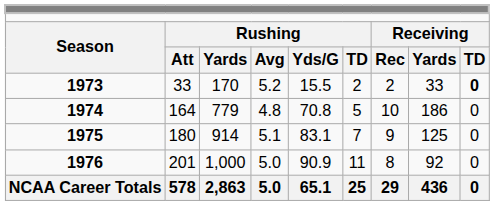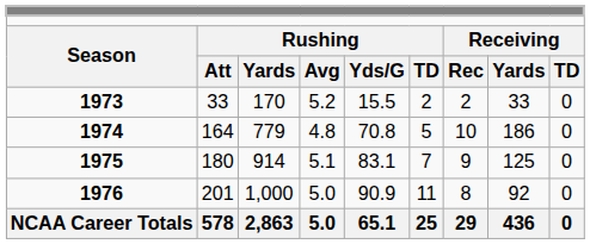 <table class=wikitable style="text-align:center;">
 <tr>
 <td ! colspan="10" style="background:gray; border:2px solid silver; color:white;"></td>
 </tr>
 <tr>
 <td ! colspan="10"></td>
 </tr>
 <tr>
 <th rowspan=2>Season</th>
 <th colspan=5>Rushing</th>
 <th colspan=3>Receiving</th>
 </tr>
 <tr>
 <th>Att</th>
 <th>Yards</th>
 <th>Avg</th>
 <th>Yds/G</th>
 <th>TD</th>
 <th>Rec</th>
 <th>Yards</th>
 <th>TD</th>
 </tr>
 <tr>
 <td><strong>1973</strong></td>
 <td>33</td>
 <td>170</td>
 <td>5.2</td>
 <td>15.5</td>
 <td>2</td>
 <td>2</td>
 <td>33</td>
-<td><strong>0</strong></td>
+<td>0</td>
 </tr>
 <tr>
 <td><strong>1974</strong></td>
 <td>164</td>
 <td>779</td>
 <td>4.8</td>
 <td>70.8</td>
 <td>5</td>
 <td>10</td>
 <td>186</td>
 <td>0</td>
 </tr>
 <tr>
 <td><strong>1975</strong></td>
 <td>180</td>
 <td>914</td>
 <td>5.1</td>
 <td>83.1</td>
 <td>7</td>
 <td>9</td>
 <td>125</td>
 <td>0</td>
 </tr>
 <tr>
 <td><strong>1976</strong></td>
 <td>201</td>
 <td>1,000</td>
 <td>5.0</td>
 <td>90.9</td>
 <td>11</td>
 <td>8</td>
 <td>92</td>
 <td>0</td>
 </tr>
 <tr>
 <th>NCAA Career Totals</th>
 <th>578</th>
 <th>2,863</th>
 <th>5.0</th>
 <th>65.1</th>
 <th>25</th>
 <th>29</th>
 <th>436</th>
 <th>0</th>
 </tr>
 </table>
